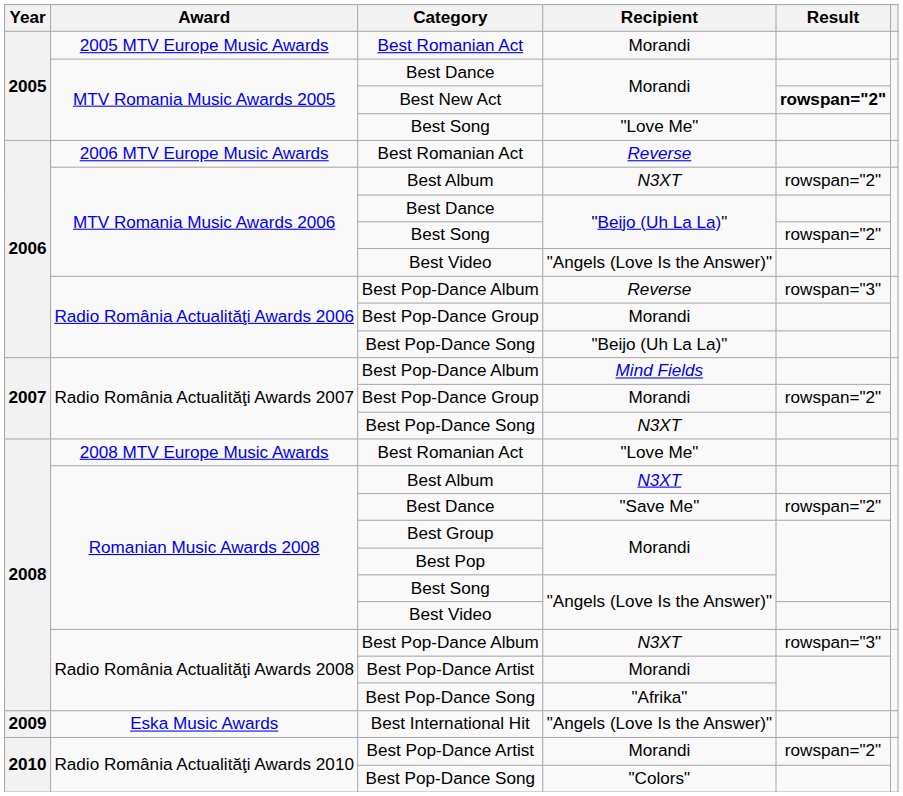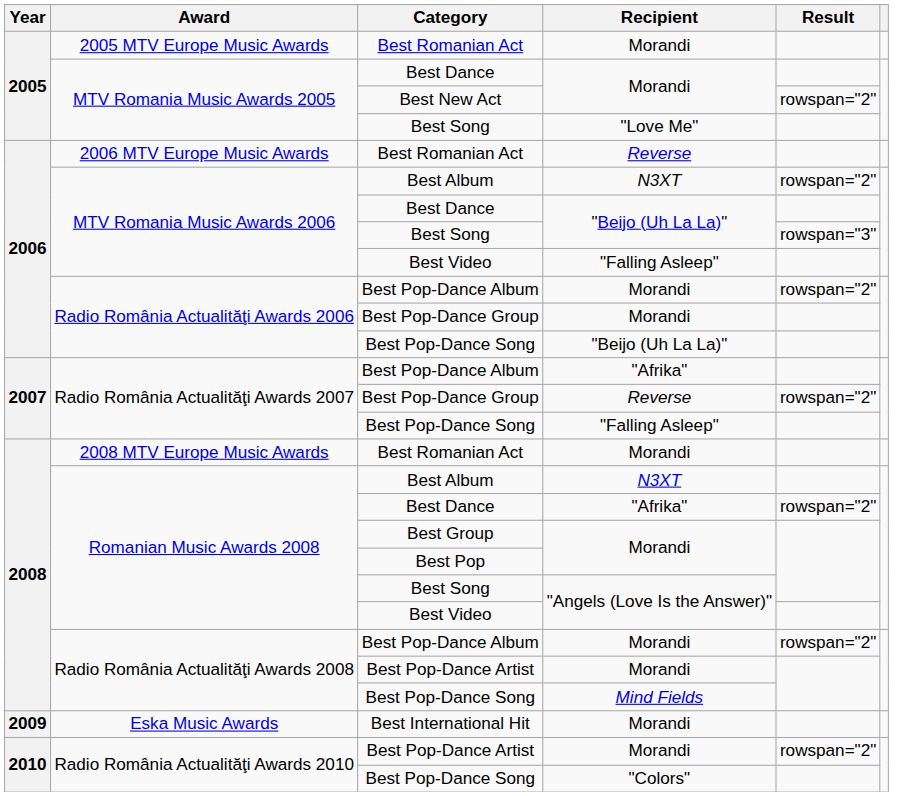 <table class="wikitable plainrowheaders unsortable" style="text-align:center">
 <tr>
 <th>Year</th>
 <th>Award</th>
 <th>Category</th>
 <th>Recipient</th>
 <th>Result</th>
 <th class="unsortable"></th>
 </tr>
 <tr>
 <th scope="row" rowspan="4">2005</th>
 <td rowspan="1"><a href='#'>2005 MTV Europe Music Awards</a></td>
 <td><a href='#'>Best Romanian Act</a></td>
 <td>Morandi</td>
 <td></td>
 <td></td>
 </tr>
 <tr>
 <td rowspan="3"><a href='#'>MTV Romania Music Awards 2005</a></td>
 <td>Best Dance</td>
 <td rowspan="2">Morandi</td>
 <td></td>
 <td rowspan="3"><br></td>
 </tr>
 <tr>
 <td>Best New Act</td>
-<td><strong>rowspan="2" </strong></td>
+<td>rowspan="2" </td>
 </tr>
 <tr>
 <td>Best Song</td>
 <td>"Love Me"</td>
 </tr>
 <tr>
 <th scope="row" rowspan="8">2006</th>
 <td rowspan="1"><a href='#'>2006 MTV Europe Music Awards</a></td>
 <td>Best Romanian Act</td>
 <td><em><a href='#'>Reverse</a></em></td>
 <td></td>
 <td></td>
 </tr>
 <tr>
 <td rowspan="4"><a href='#'>MTV Romania Music Awards 2006</a></td>
 <td>Best Album</td>
 <td><em>N3XT</em></td>
 <td>rowspan="2" </td>
 <td rowspan="4"><br></td>
 </tr>
 <tr>
 <td>Best Dance</td>
 <td rowspan="2">"<a href='#'>Beijo (Uh La La)</a>"</td>
 </tr>
 <tr>
 <td>Best Song</td>
-<td>rowspan="2" </td>
+<td>rowspan="3" </td>
 </tr>
 <tr>
 <td>Best Video</td>
-<td>"Angels (Love Is the Answer)"</td>
+<td>"Falling Asleep"</td>
 </tr>
 <tr>
 <td rowspan="3"><a href='#'>Radio România Actualităţi Awards 2006</a></td>
 <td>Best Pop-Dance Album</td>
-<td><em>Reverse</em></td>
-<td>rowspan="3" </td>
+<td>Morandi</td>
+<td>rowspan="2" </td>
 <td rowspan="3"></td>
 </tr>
 <tr>
 <td>Best Pop-Dance Group</td>
 <td>Morandi</td>
 </tr>
 <tr>
 <td>Best Pop-Dance Song</td>
 <td>"Beijo (Uh La La)"</td>
 <td></td>
 </tr>
 <tr>
 <th scope="row" rowspan="3">2007</th>
 <td rowspan="3">Radio România Actualităţi Awards 2007</td>
 <td>Best Pop-Dance Album</td>
-<td><em><a href='#'>Mind Fields</a></em></td>
+<td>"Afrika"</td>
 <td></td>
 <td rowspan="3"></td>
 </tr>
 <tr>
 <td>Best Pop-Dance Group</td>
-<td>Morandi</td>
+<td><em>Reverse</em></td>
 <td>rowspan="2" </td>
 </tr>
 <tr>
 <td>Best Pop-Dance Song</td>
-<td><em>N3XT</em></td>
+<td>"Falling Asleep"</td>
 </tr>
 <tr>
 <th scope="row" rowspan="10">2008</th>
 <td rowspan="1"><a href='#'>2008 MTV Europe Music Awards</a></td>
 <td>Best Romanian Act</td>
-<td>"Love Me"</td>
+<td>Morandi</td>
 <td></td>
 <td></td>
 </tr>
 <tr>
 <td rowspan="6"><a href='#'>Romanian Music Awards 2008</a></td>
 <td>Best Album</td>
 <td><em><a href='#'>N3XT</a></em></td>
 <td></td>
 <td rowspan="6"></td>
 </tr>
 <tr>
 <td>Best Dance</td>
-<td>"Save Me"</td>
+<td>"Afrika"</td>
 <td>rowspan="2" </td>
 </tr>
 <tr>
 <td>Best Group</td>
 <td rowspan="2">Morandi</td>
 </tr>
 <tr>
 <td>Best Pop</td>
 </tr>
 <tr>
 <td>Best Song</td>
 <td rowspan="2">"Angels (Love Is the Answer)"</td>
 </tr>
 <tr>
 <td>Best Video</td>
 <td></td>
 </tr>
 <tr>
 <td rowspan="3">Radio România Actualităţi Awards 2008</td>
 <td>Best Pop-Dance Album</td>
-<td><em>N3XT</em></td>
-<td>rowspan="3" </td>
+<td>Morandi</td>
+<td>rowspan="2" </td>
 <td rowspan="3"></td>
 </tr>
 <tr>
 <td>Best Pop-Dance Artist</td>
 <td>Morandi</td>
 </tr>
 <tr>
 <td>Best Pop-Dance Song</td>
-<td>"Afrika"</td>
+<td><em><a href='#'>Mind Fields</a></em></td>
 </tr>
 <tr>
 <th scope="row">2009</th>
 <td><a href='#'>Eska Music Awards</a></td>
 <td>Best International Hit</td>
-<td>"Angels (Love Is the Answer)"</td>
+<td>Morandi</td>
 <td></td>
 <td></td>
 </tr>
 <tr>
 <th scope="row" rowspan="2">2010</th>
 <td rowspan="2">Radio România Actualităţi Awards 2010</td>
 <td>Best Pop-Dance Artist</td>
 <td>Morandi</td>
 <td>rowspan="2" </td>
 <td rowspan="2"></td>
 </tr>
 <tr>
 <td>Best Pop-Dance Song</td>
 <td>"Colors"</td>
 </tr>
 </table>
